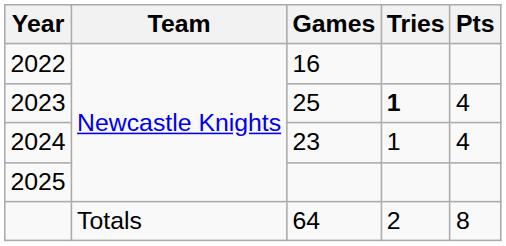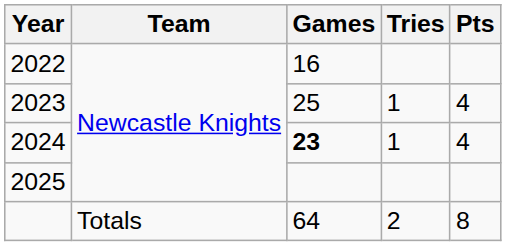 <table class="wikitable">
 <tr>
 <th>Year</th>
 <th>Team</th>
 <th>Games</th>
 <th>Tries</th>
 <th>Pts</th>
 </tr>
 <tr>
 <td>2022</td>
 <td rowspan="4">  <a href='#'>Newcastle Knights</a></td>
 <td>16</td>
 <td></td>
 <td></td>
 </tr>
 <tr>
 <td>2023</td>
 <td>25</td>
-<td><strong>1</strong></td>
+<td>1</td>
 <td>4</td>
 </tr>
 <tr>
 <td>2024</td>
-<td>23</td>
+<td><strong>23</strong></td>
 <td>1</td>
 <td>4</td>
 </tr>
 <tr>
 <td>2025</td>
 <td></td>
 <td></td>
 <td></td>
 </tr>
 <tr>
 <td></td>
 <td>Totals</td>
 <td>64</td>
 <td>2</td>
 <td>8</td>
 </tr>
 </table>
